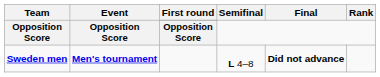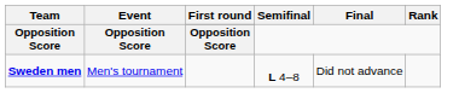 <table class=wikitable style=font-size:90%;text-align:center>
 <tr>
 <th rowspan=2>Team</th>
 <th rowspan=2>Event</th>
 <th>First round</th>
 <th>Semifinal</th>
 <th>Final</th>
 <th Rowspan=2>Rank</th>
 </tr>
 <tr>
 </tr>
 <tr style="font-size:95%">
 <th>Opposition<br>Score</th>
 <th>Opposition<br>Score</th>
 <th>Opposition<br>Score</th>
 </tr>
 <tr>
 <td align=left><strong><a href='#'>Sweden men</a></strong></td>
-<td align=left><strong><a href='#'>Men's tournament</a></strong></td>
+<td align=left><a href='#'>Men's tournament</a></td>
 <td></td>
 <td><br><strong>L</strong> 4–8</td>
-<td><strong>Did not advance</strong></td>
+<td>Did not advance</td>
 <td></td>
 </tr>
 </table>
